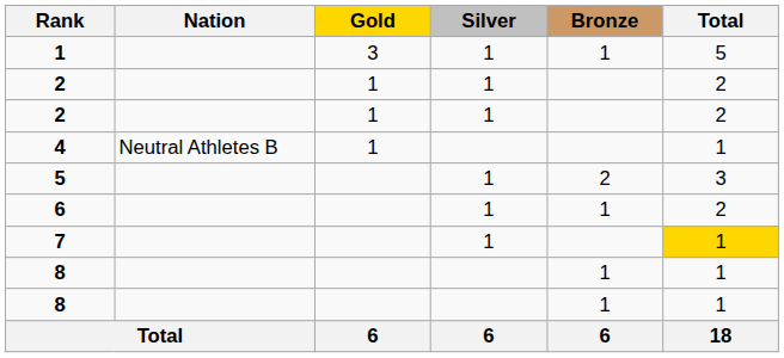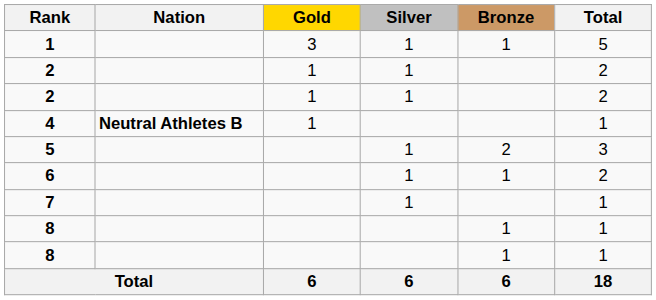 <table class="wikitable collapsible autocollapse plainrowheaders" width=70.5% style="text-align:center;">
 <tr style="background-color:#EDEDED;">
 <th width=100px class="hintergrundfarbe5">Rank</th>
 <th width=200px class="hintergrundfarbe6">Nation</th>
 <th style="background:    gold; width:15%">Gold</th>
 <th style="background:  silver; width:15%">Silver</th>
 <th style="background: #CC9966; width:15%">Bronze</th>
 <th class="hintergrundfarbe6" style="width:15%">Total</th>
 </tr>
 <tr>
 <td><strong>1</strong></td>
 <td align=left></td>
 <td>3</td>
 <td>1</td>
 <td>1</td>
 <td>5</td>
 </tr>
 <tr>
 <td><strong>2</strong></td>
 <td align=left></td>
 <td>1</td>
 <td>1</td>
 <td></td>
 <td>2</td>
 </tr>
 <tr>
 <td><strong>2</strong></td>
 <td align=left></td>
 <td>1</td>
 <td>1</td>
 <td></td>
 <td>2</td>
 </tr>
 <tr>
 <td><strong>4</strong></td>
-<td align=left> Neutral Athletes B</td>
+<td align=left><strong> Neutral Athletes B</strong></td>
 <td>1</td>
 <td></td>
 <td></td>
 <td>1</td>
 </tr>
 <tr>
 <td><strong>5</strong></td>
 <td align=left></td>
 <td></td>
 <td>1</td>
 <td>2</td>
 <td>3</td>
 </tr>
 <tr>
 <td><strong>6</strong></td>
 <td align=left></td>
 <td></td>
 <td>1</td>
 <td>1</td>
 <td>2</td>
 </tr>
 <tr>
 <td><strong>7</strong></td>
 <td align=left></td>
 <td></td>
 <td>1</td>
 <td></td>
-<td style="background: gold;">1</td>
+<td>1</td>
 </tr>
 <tr>
 <td><strong>8</strong></td>
 <td align=left></td>
 <td></td>
 <td></td>
 <td>1</td>
 <td>1</td>
 </tr>
 <tr>
 <td><strong>8</strong></td>
 <td align=left></td>
 <td></td>
 <td></td>
 <td>1</td>
 <td>1</td>
 </tr>
 <tr>
 <th colspan=2>Total</th>
 <th>6</th>
 <th>6</th>
 <th>6</th>
 <th>18</th>
 </tr>
 </table>
